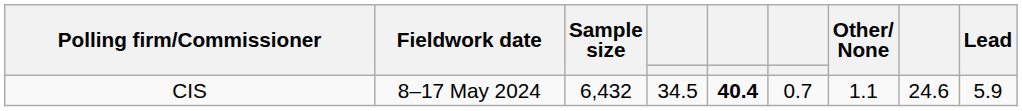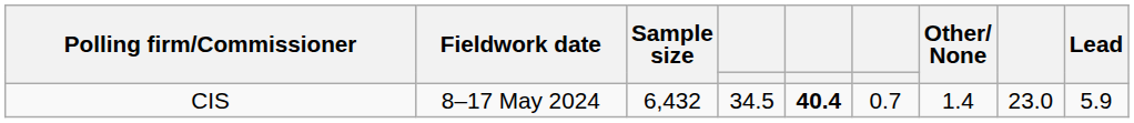 <table class="wikitable collapsible collapsed" style="text-align:center; font-size:90%; line-height:14px;">
 <tr style="height:42px;">
 <th style="width:250px;" rowspan="2">Polling firm/Commissioner</th>
 <th style="width:125px;" rowspan="2">Fieldwork date</th>
 <th style="width:50px;" rowspan="2">Sample size</th>
 <th style="width:35px;"></th>
 <th style="width:35px;"></th>
 <th style="width:35px;"></th>
 <th style="width:35px;" rowspan="2">Other/<br>None</th>
 <th style="width:35px;" rowspan="2"></th>
 <th style="width:30px;" rowspan="2">Lead</th>
 </tr>
 <tr>
 <th style="color:inherit;background:"></th>
 <th style="color:inherit;background:"></th>
 <th style="color:inherit;background:"></th>
 </tr>
 <tr>
 <td>CIS</td>
 <td>8–17 May 2024</td>
 <td>6,432</td>
 <td>34.5</td>
 <td><strong>40.4</strong></td>
 <td>0.7</td>
-<td>1.1</td>
-<td>24.6</td>
+<td>1.4</td>
+<td>23.0</td>
 <td style="background:">5.9</td>
 </tr>
 </table>
